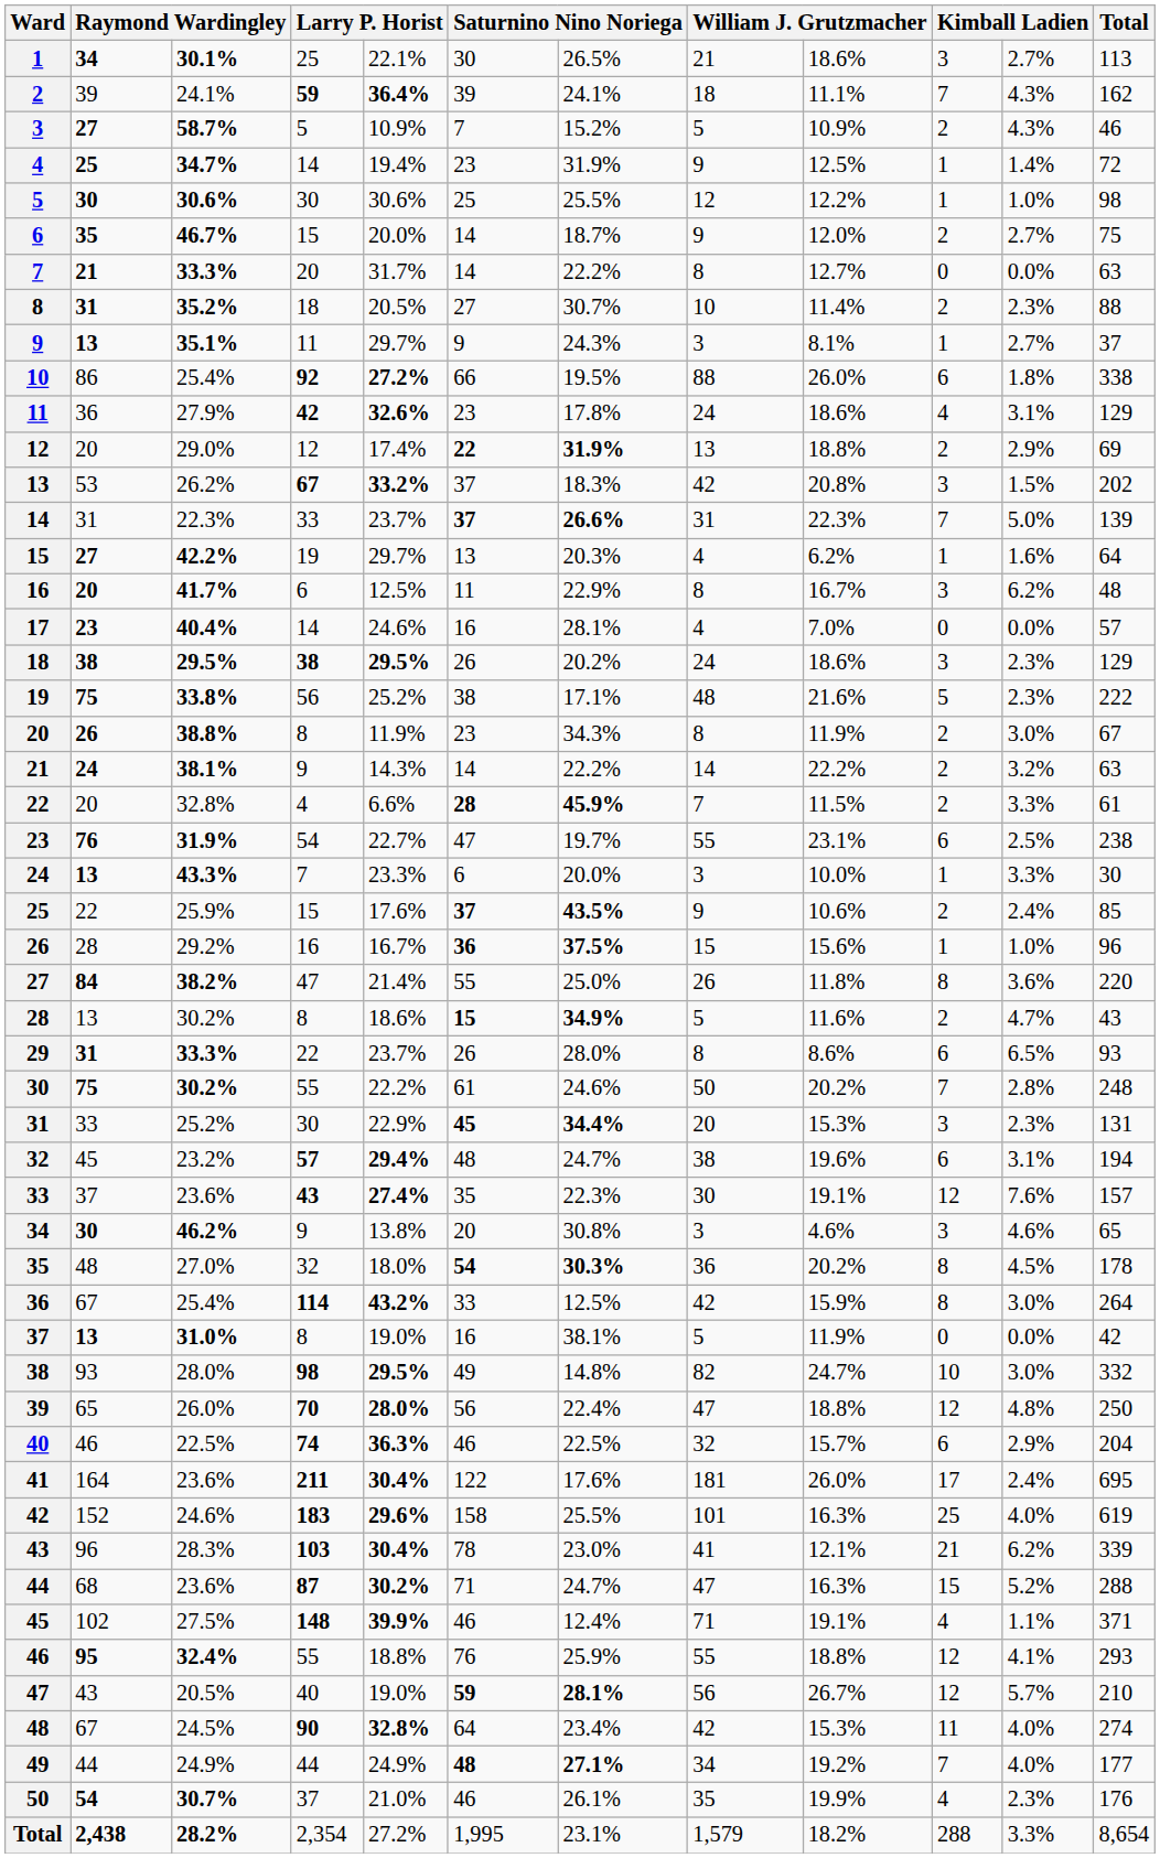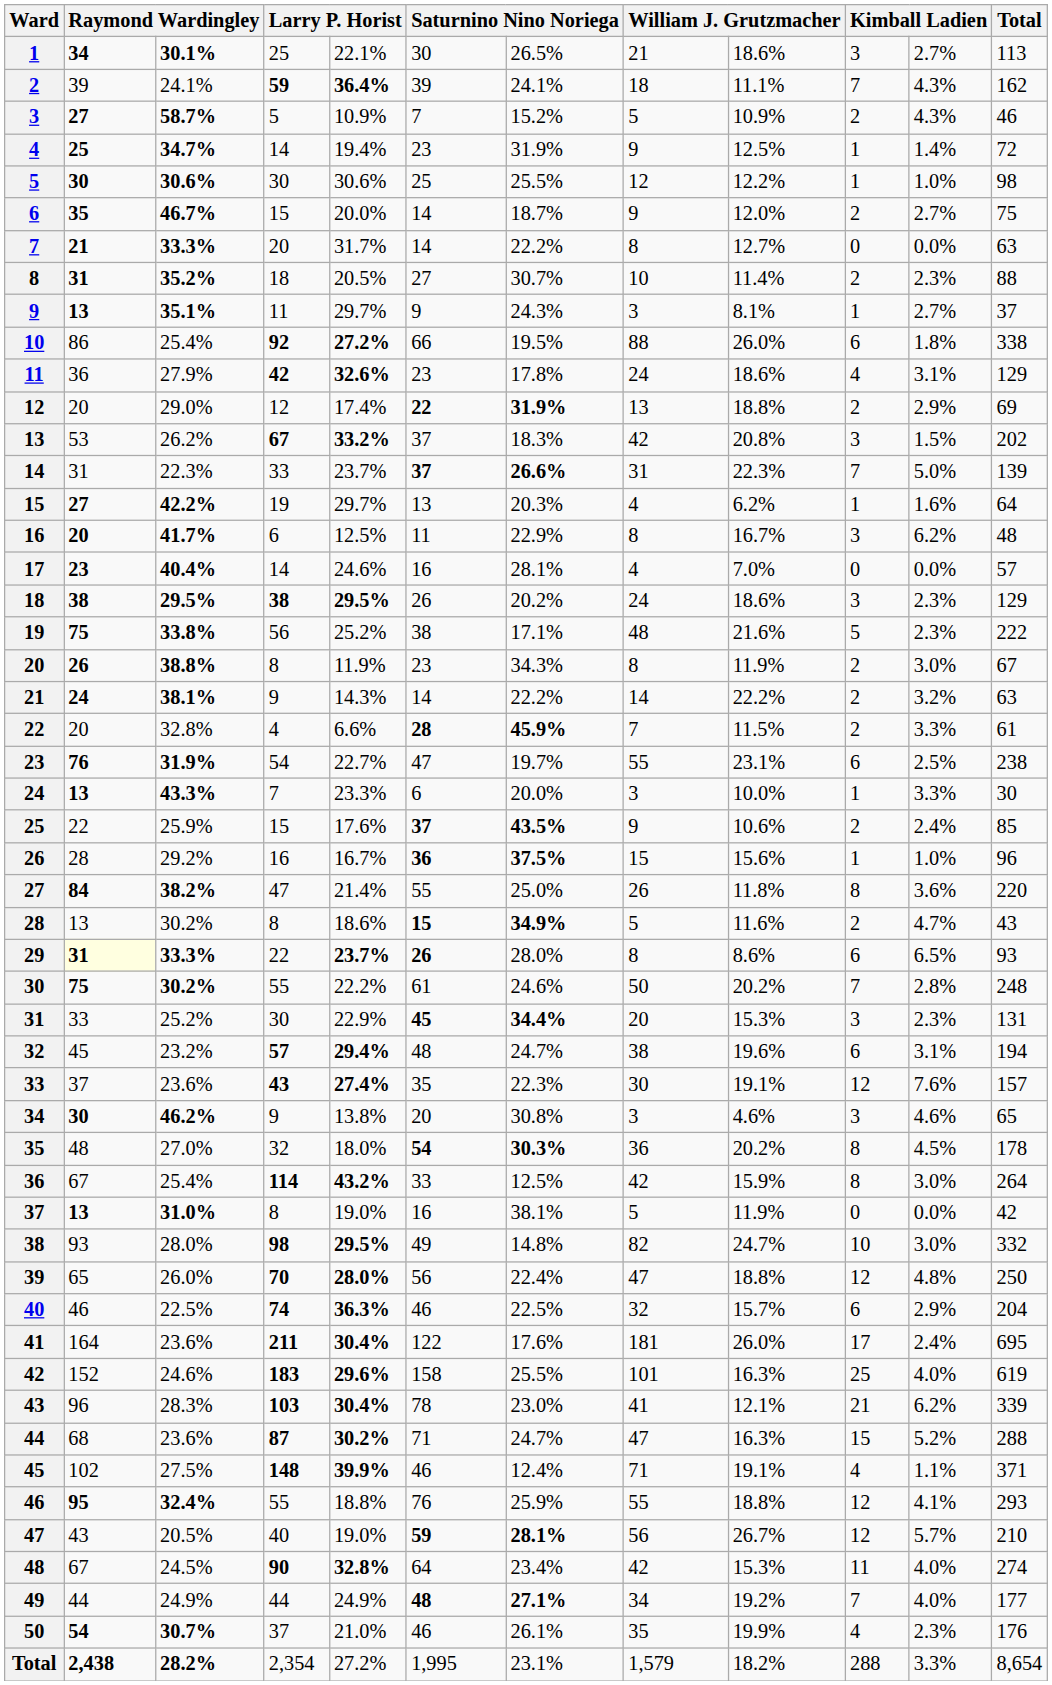 <table class="wikitable collapsible collapsed sortable">
 <tr>
 <th>Ward</th>
 <th colspan=2>Raymond Wardingley</th>
 <th colspan=2>Larry P. Horist</th>
 <th colspan=2>Saturnino Nino Noriega</th>
 <th colspan=2>William J. Grutzmacher</th>
 <th colspan=2>Kimball Ladien</th>
 <th>Total</th>
 </tr>
 <tr>
 <th><a href='#'>1</a></th>
 <td><strong>34</strong></td>
 <td><strong>30.1%</strong></td>
 <td>25</td>
 <td>22.1%</td>
 <td>30</td>
 <td>26.5%</td>
 <td>21</td>
 <td>18.6%</td>
 <td>3</td>
 <td>2.7%</td>
 <td>113</td>
 </tr>
 <tr>
 <th><a href='#'>2</a></th>
 <td>39</td>
 <td>24.1%</td>
 <td><strong>59</strong></td>
 <td><strong>36.4%</strong></td>
 <td>39</td>
 <td>24.1%</td>
 <td>18</td>
 <td>11.1%</td>
 <td>7</td>
 <td>4.3%</td>
 <td>162</td>
 </tr>
 <tr>
 <th><a href='#'>3</a></th>
 <td><strong>27</strong></td>
 <td><strong>58.7%</strong></td>
 <td>5</td>
 <td>10.9%</td>
 <td>7</td>
 <td>15.2%</td>
 <td>5</td>
 <td>10.9%</td>
 <td>2</td>
 <td>4.3%</td>
 <td>46</td>
 </tr>
 <tr>
 <th><a href='#'>4</a></th>
 <td><strong>25</strong></td>
 <td><strong>34.7%</strong></td>
 <td>14</td>
 <td>19.4%</td>
 <td>23</td>
 <td>31.9%</td>
 <td>9</td>
 <td>12.5%</td>
 <td>1</td>
 <td>1.4%</td>
 <td>72</td>
 </tr>
 <tr>
 <th><a href='#'>5</a></th>
 <td><strong>30</strong></td>
 <td><strong>30.6%</strong></td>
 <td>30</td>
 <td>30.6%</td>
 <td>25</td>
 <td>25.5%</td>
 <td>12</td>
 <td>12.2%</td>
 <td>1</td>
 <td>1.0%</td>
 <td>98</td>
 </tr>
 <tr>
 <th><a href='#'>6</a></th>
 <td><strong>35</strong></td>
 <td><strong>46.7%</strong></td>
 <td>15</td>
 <td>20.0%</td>
 <td>14</td>
 <td>18.7%</td>
 <td>9</td>
 <td>12.0%</td>
 <td>2</td>
 <td>2.7%</td>
 <td>75</td>
 </tr>
 <tr>
 <th><a href='#'>7</a></th>
 <td><strong>21</strong></td>
 <td><strong>33.3%</strong></td>
 <td>20</td>
 <td>31.7%</td>
 <td>14</td>
 <td>22.2%</td>
 <td>8</td>
 <td>12.7%</td>
 <td>0</td>
 <td>0.0%</td>
 <td>63</td>
 </tr>
 <tr>
 <th>8</th>
 <td><strong>31</strong></td>
 <td><strong>35.2%</strong></td>
 <td>18</td>
 <td>20.5%</td>
 <td>27</td>
 <td>30.7%</td>
 <td>10</td>
 <td>11.4%</td>
 <td>2</td>
 <td>2.3%</td>
 <td>88</td>
 </tr>
 <tr>
 <th><a href='#'>9</a></th>
 <td><strong>13</strong></td>
 <td><strong>35.1%</strong></td>
 <td>11</td>
 <td>29.7%</td>
 <td>9</td>
 <td>24.3%</td>
 <td>3</td>
 <td>8.1%</td>
 <td>1</td>
 <td>2.7%</td>
 <td>37</td>
 </tr>
 <tr>
 <th><a href='#'>10</a></th>
 <td>86</td>
 <td>25.4%</td>
 <td><strong>92</strong></td>
 <td><strong>27.2%</strong></td>
 <td>66</td>
 <td>19.5%</td>
 <td>88</td>
 <td>26.0%</td>
 <td>6</td>
 <td>1.8%</td>
 <td>338</td>
 </tr>
 <tr>
 <th><a href='#'>11</a></th>
 <td>36</td>
 <td>27.9%</td>
 <td><strong>42</strong></td>
 <td><strong>32.6%</strong></td>
 <td>23</td>
 <td>17.8%</td>
 <td>24</td>
 <td>18.6%</td>
 <td>4</td>
 <td>3.1%</td>
 <td>129</td>
 </tr>
 <tr>
 <th>12</th>
 <td>20</td>
 <td>29.0%</td>
 <td>12</td>
 <td>17.4%</td>
 <td><strong>22</strong></td>
 <td><strong>31.9%</strong></td>
 <td>13</td>
 <td>18.8%</td>
 <td>2</td>
 <td>2.9%</td>
 <td>69</td>
 </tr>
 <tr>
 <th>13</th>
 <td>53</td>
 <td>26.2%</td>
 <td><strong>67</strong></td>
 <td><strong>33.2%</strong></td>
 <td>37</td>
 <td>18.3%</td>
 <td>42</td>
 <td>20.8%</td>
 <td>3</td>
 <td>1.5%</td>
 <td>202</td>
 </tr>
 <tr>
 <th>14</th>
 <td>31</td>
 <td>22.3%</td>
 <td>33</td>
 <td>23.7%</td>
 <td><strong>37</strong></td>
 <td><strong>26.6%</strong></td>
 <td>31</td>
 <td>22.3%</td>
 <td>7</td>
 <td>5.0%</td>
 <td>139</td>
 </tr>
 <tr>
 <th>15</th>
 <td><strong>27</strong></td>
 <td><strong>42.2%</strong></td>
 <td>19</td>
 <td>29.7%</td>
 <td>13</td>
 <td>20.3%</td>
 <td>4</td>
 <td>6.2%</td>
 <td>1</td>
 <td>1.6%</td>
 <td>64</td>
 </tr>
 <tr>
 <th>16</th>
 <td><strong>20</strong></td>
 <td><strong>41.7%</strong></td>
 <td>6</td>
 <td>12.5%</td>
 <td>11</td>
 <td>22.9%</td>
 <td>8</td>
 <td>16.7%</td>
 <td>3</td>
 <td>6.2%</td>
 <td>48</td>
 </tr>
 <tr>
 <th>17</th>
 <td><strong>23</strong></td>
 <td><strong>40.4%</strong></td>
 <td>14</td>
 <td>24.6%</td>
 <td>16</td>
 <td>28.1%</td>
 <td>4</td>
 <td>7.0%</td>
 <td>0</td>
 <td>0.0%</td>
 <td>57</td>
 </tr>
 <tr>
 <th>18</th>
 <td><strong>38</strong></td>
 <td><strong>29.5%</strong></td>
 <td><strong>38</strong></td>
 <td><strong>29.5%</strong></td>
 <td>26</td>
 <td>20.2%</td>
 <td>24</td>
 <td>18.6%</td>
 <td>3</td>
 <td>2.3%</td>
 <td>129</td>
 </tr>
 <tr>
 <th>19</th>
 <td><strong>75</strong></td>
 <td><strong>33.8%</strong></td>
 <td>56</td>
 <td>25.2%</td>
 <td>38</td>
 <td>17.1%</td>
 <td>48</td>
 <td>21.6%</td>
 <td>5</td>
 <td>2.3%</td>
 <td>222</td>
 </tr>
 <tr>
 <th>20</th>
 <td><strong>26</strong></td>
 <td><strong>38.8%</strong></td>
 <td>8</td>
 <td>11.9%</td>
 <td>23</td>
 <td>34.3%</td>
 <td>8</td>
 <td>11.9%</td>
 <td>2</td>
 <td>3.0%</td>
 <td>67</td>
 </tr>
 <tr>
 <th>21</th>
 <td><strong>24</strong></td>
 <td><strong>38.1%</strong></td>
 <td>9</td>
 <td>14.3%</td>
 <td>14</td>
 <td>22.2%</td>
 <td>14</td>
 <td>22.2%</td>
 <td>2</td>
 <td>3.2%</td>
 <td>63</td>
 </tr>
 <tr>
 <th>22</th>
 <td>20</td>
 <td>32.8%</td>
 <td>4</td>
 <td>6.6%</td>
 <td><strong>28</strong></td>
 <td><strong>45.9%</strong></td>
 <td>7</td>
 <td>11.5%</td>
 <td>2</td>
 <td>3.3%</td>
 <td>61</td>
 </tr>
 <tr>
 <th>23</th>
 <td><strong>76</strong></td>
 <td><strong>31.9%</strong></td>
 <td>54</td>
 <td>22.7%</td>
 <td>47</td>
 <td>19.7%</td>
 <td>55</td>
 <td>23.1%</td>
 <td>6</td>
 <td>2.5%</td>
 <td>238</td>
 </tr>
 <tr>
 <th>24</th>
 <td><strong>13</strong></td>
 <td><strong>43.3%</strong></td>
 <td>7</td>
 <td>23.3%</td>
 <td>6</td>
 <td>20.0%</td>
 <td>3</td>
 <td>10.0%</td>
 <td>1</td>
 <td>3.3%</td>
 <td>30</td>
 </tr>
 <tr>
 <th>25</th>
 <td>22</td>
 <td>25.9%</td>
 <td>15</td>
 <td>17.6%</td>
 <td><strong>37</strong></td>
 <td><strong>43.5%</strong></td>
 <td>9</td>
 <td>10.6%</td>
 <td>2</td>
 <td>2.4%</td>
 <td>85</td>
 </tr>
 <tr>
 <th>26</th>
 <td>28</td>
 <td>29.2%</td>
 <td>16</td>
 <td>16.7%</td>
 <td><strong>36</strong></td>
 <td><strong>37.5%</strong></td>
 <td>15</td>
 <td>15.6%</td>
 <td>1</td>
 <td>1.0%</td>
 <td>96</td>
 </tr>
 <tr>
 <th>27</th>
 <td><strong>84</strong></td>
 <td><strong>38.2%</strong></td>
 <td>47</td>
 <td>21.4%</td>
 <td>55</td>
 <td>25.0%</td>
 <td>26</td>
 <td>11.8%</td>
 <td>8</td>
 <td>3.6%</td>
 <td>220</td>
 </tr>
 <tr>
 <th>28</th>
 <td>13</td>
 <td>30.2%</td>
 <td>8</td>
 <td>18.6%</td>
 <td><strong>15</strong></td>
 <td><strong>34.9%</strong></td>
 <td>5</td>
 <td>11.6%</td>
 <td>2</td>
 <td>4.7%</td>
 <td>43</td>
 </tr>
 <tr>
 <th>29</th>
-<td><strong>31</strong></td>
+<td style="background: lightyellow;"><strong>31</strong></td>
 <td><strong>33.3%</strong></td>
 <td>22</td>
-<td>23.7%</td>
-<td>26</td>
+<td><strong>23.7%</strong></td>
+<td><strong>26</strong></td>
 <td>28.0%</td>
 <td>8</td>
 <td>8.6%</td>
 <td>6</td>
 <td>6.5%</td>
 <td>93</td>
 </tr>
 <tr>
 <th>30</th>
 <td><strong>75</strong></td>
 <td><strong>30.2%</strong></td>
 <td>55</td>
 <td>22.2%</td>
 <td>61</td>
 <td>24.6%</td>
 <td>50</td>
 <td>20.2%</td>
 <td>7</td>
 <td>2.8%</td>
 <td>248</td>
 </tr>
 <tr>
 <th>31</th>
 <td>33</td>
 <td>25.2%</td>
 <td>30</td>
 <td>22.9%</td>
 <td><strong>45</strong></td>
 <td><strong>34.4%</strong></td>
 <td>20</td>
 <td>15.3%</td>
 <td>3</td>
 <td>2.3%</td>
 <td>131</td>
 </tr>
 <tr>
 <th>32</th>
 <td>45</td>
 <td>23.2%</td>
 <td><strong>57</strong></td>
 <td><strong>29.4%</strong></td>
 <td>48</td>
 <td>24.7%</td>
 <td>38</td>
 <td>19.6%</td>
 <td>6</td>
 <td>3.1%</td>
 <td>194</td>
 </tr>
 <tr>
 <th>33</th>
 <td>37</td>
 <td>23.6%</td>
 <td><strong>43</strong></td>
 <td><strong>27.4%</strong></td>
 <td>35</td>
 <td>22.3%</td>
 <td>30</td>
 <td>19.1%</td>
 <td>12</td>
 <td>7.6%</td>
 <td>157</td>
 </tr>
 <tr>
 <th>34</th>
 <td><strong>30</strong></td>
 <td><strong>46.2%</strong></td>
 <td>9</td>
 <td>13.8%</td>
 <td>20</td>
 <td>30.8%</td>
 <td>3</td>
 <td>4.6%</td>
 <td>3</td>
 <td>4.6%</td>
 <td>65</td>
 </tr>
 <tr>
 <th>35</th>
 <td>48</td>
 <td>27.0%</td>
 <td>32</td>
 <td>18.0%</td>
 <td><strong>54</strong></td>
 <td><strong>30.3%</strong></td>
 <td>36</td>
 <td>20.2%</td>
 <td>8</td>
 <td>4.5%</td>
 <td>178</td>
 </tr>
 <tr>
 <th>36</th>
 <td>67</td>
 <td>25.4%</td>
 <td><strong>114</strong></td>
 <td><strong>43.2%</strong></td>
 <td>33</td>
 <td>12.5%</td>
 <td>42</td>
 <td>15.9%</td>
 <td>8</td>
 <td>3.0%</td>
 <td>264</td>
 </tr>
 <tr>
 <th>37</th>
 <td><strong>13</strong></td>
 <td><strong>31.0%</strong></td>
 <td>8</td>
 <td>19.0%</td>
 <td>16</td>
 <td>38.1%</td>
 <td>5</td>
 <td>11.9%</td>
 <td>0</td>
 <td>0.0%</td>
 <td>42</td>
 </tr>
 <tr>
 <th>38</th>
 <td>93</td>
 <td>28.0%</td>
 <td><strong>98</strong></td>
 <td><strong>29.5%</strong></td>
 <td>49</td>
 <td>14.8%</td>
 <td>82</td>
 <td>24.7%</td>
 <td>10</td>
 <td>3.0%</td>
 <td>332</td>
 </tr>
 <tr>
 <th>39</th>
 <td>65</td>
 <td>26.0%</td>
 <td><strong>70</strong></td>
 <td><strong>28.0%</strong></td>
 <td>56</td>
 <td>22.4%</td>
 <td>47</td>
 <td>18.8%</td>
 <td>12</td>
 <td>4.8%</td>
 <td>250</td>
 </tr>
 <tr>
 <th><a href='#'>40</a></th>
 <td>46</td>
 <td>22.5%</td>
 <td><strong>74</strong></td>
 <td><strong>36.3%</strong></td>
 <td>46</td>
 <td>22.5%</td>
 <td>32</td>
 <td>15.7%</td>
 <td>6</td>
 <td>2.9%</td>
 <td>204</td>
 </tr>
 <tr>
 <th>41</th>
 <td>164</td>
 <td>23.6%</td>
 <td><strong>211</strong></td>
 <td><strong>30.4%</strong></td>
 <td>122</td>
 <td>17.6%</td>
 <td>181</td>
 <td>26.0%</td>
 <td>17</td>
 <td>2.4%</td>
 <td>695</td>
 </tr>
 <tr>
 <th>42</th>
 <td>152</td>
 <td>24.6%</td>
 <td><strong>183</strong></td>
 <td><strong>29.6%</strong></td>
 <td>158</td>
 <td>25.5%</td>
 <td>101</td>
 <td>16.3%</td>
 <td>25</td>
 <td>4.0%</td>
 <td>619</td>
 </tr>
 <tr>
 <th>43</th>
 <td>96</td>
 <td>28.3%</td>
 <td><strong>103</strong></td>
 <td><strong>30.4%</strong></td>
 <td>78</td>
 <td>23.0%</td>
 <td>41</td>
 <td>12.1%</td>
 <td>21</td>
 <td>6.2%</td>
 <td>339</td>
 </tr>
 <tr>
 <th>44</th>
 <td>68</td>
 <td>23.6%</td>
 <td><strong>87</strong></td>
 <td><strong>30.2%</strong></td>
 <td>71</td>
 <td>24.7%</td>
 <td>47</td>
 <td>16.3%</td>
 <td>15</td>
 <td>5.2%</td>
 <td>288</td>
 </tr>
 <tr>
 <th>45</th>
 <td>102</td>
 <td>27.5%</td>
 <td><strong>148</strong></td>
 <td><strong>39.9%</strong></td>
 <td>46</td>
 <td>12.4%</td>
 <td>71</td>
 <td>19.1%</td>
 <td>4</td>
 <td>1.1%</td>
 <td>371</td>
 </tr>
 <tr>
 <th>46</th>
 <td><strong>95</strong></td>
 <td><strong>32.4%</strong></td>
 <td>55</td>
 <td>18.8%</td>
 <td>76</td>
 <td>25.9%</td>
 <td>55</td>
 <td>18.8%</td>
 <td>12</td>
 <td>4.1%</td>
 <td>293</td>
 </tr>
 <tr>
 <th>47</th>
 <td>43</td>
 <td>20.5%</td>
 <td>40</td>
 <td>19.0%</td>
 <td><strong>59</strong></td>
 <td><strong>28.1%</strong></td>
 <td>56</td>
 <td>26.7%</td>
 <td>12</td>
 <td>5.7%</td>
 <td>210</td>
 </tr>
 <tr>
 <th>48</th>
 <td>67</td>
 <td>24.5%</td>
 <td><strong>90</strong></td>
 <td><strong>32.8%</strong></td>
 <td>64</td>
 <td>23.4%</td>
 <td>42</td>
 <td>15.3%</td>
 <td>11</td>
 <td>4.0%</td>
 <td>274</td>
 </tr>
 <tr>
 <th>49</th>
 <td>44</td>
 <td>24.9%</td>
 <td>44</td>
 <td>24.9%</td>
 <td><strong>48</strong></td>
 <td><strong>27.1%</strong></td>
 <td>34</td>
 <td>19.2%</td>
 <td>7</td>
 <td>4.0%</td>
 <td>177</td>
 </tr>
 <tr>
 <th>50</th>
 <td><strong>54</strong></td>
 <td><strong>30.7%</strong></td>
 <td>37</td>
 <td>21.0%</td>
 <td>46</td>
 <td>26.1%</td>
 <td>35</td>
 <td>19.9%</td>
 <td>4</td>
 <td>2.3%</td>
 <td>176</td>
 </tr>
 <tr>
 <th>Total</th>
 <td><strong>2,438</strong></td>
 <td><strong>28.2%</strong></td>
 <td>2,354</td>
 <td>27.2%</td>
 <td>1,995</td>
 <td>23.1%</td>
 <td>1,579</td>
 <td>18.2%</td>
 <td>288</td>
 <td>3.3%</td>
 <td>8,654</td>
 </tr>
 </table>
